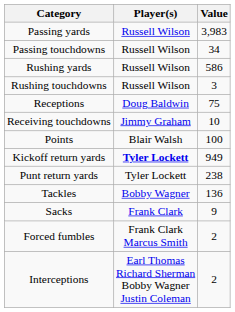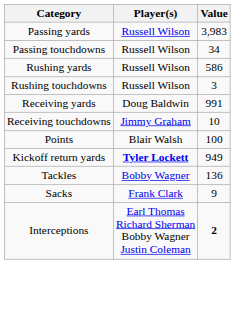 <table class="wikitable" style="text-align:center">
 <tr>
 <th>Category</th>
 <th>Player(s)</th>
 <th>Value</th>
 </tr>
 <tr>
 <td>Passing yards</td>
 <td><a href='#'>Russell Wilson</a></td>
 <td>3,983</td>
 </tr>
 <tr>
 <td>Passing touchdowns</td>
 <td>Russell Wilson</td>
 <td>34</td>
 </tr>
 <tr>
 <td>Rushing yards</td>
 <td>Russell Wilson</td>
 <td>586</td>
 </tr>
 <tr>
 <td>Rushing touchdowns</td>
 <td>Russell Wilson</td>
 <td>3</td>
 </tr>
 <tr>
-<td>Receptions</td>
-<td><a href='#'>Doug Baldwin</a></td>
-<td>75</td>
+<td>Receiving yards</td>
+<td>Doug Baldwin</td>
+<td>991</td>
 </tr>
 <tr>
 <td>Receiving touchdowns</td>
 <td><a href='#'>Jimmy Graham</a></td>
 <td>10</td>
 </tr>
 <tr>
 <td>Points</td>
 <td>Blair Walsh</td>
 <td>100</td>
 </tr>
 <tr>
 <td>Kickoff return yards</td>
 <td><strong><a href='#'>Tyler Lockett</a></strong></td>
 <td>949</td>
 </tr>
 <tr>
-<td>Punt return yards</td>
-<td>Tyler Lockett</td>
-<td>238</td>
-</tr>
-<tr>
 <td>Tackles</td>
 <td><a href='#'>Bobby Wagner</a></td>
 <td>136</td>
 </tr>
 <tr>
 <td>Sacks</td>
 <td><a href='#'>Frank Clark</a></td>
 <td>9</td>
 </tr>
 <tr>
-<td>Forced fumbles</td>
-<td>Frank Clark<br><a href='#'>Marcus Smith</a></td>
-<td>2</td>
-</tr>
-<tr>
 <td>Interceptions</td>
 <td><a href='#'>Earl Thomas</a><br><a href='#'>Richard Sherman</a><br>Bobby Wagner<br><a href='#'>Justin Coleman</a></td>
-<td>2</td>
+<td><strong>2</strong></td>
 </tr>
 </table>
